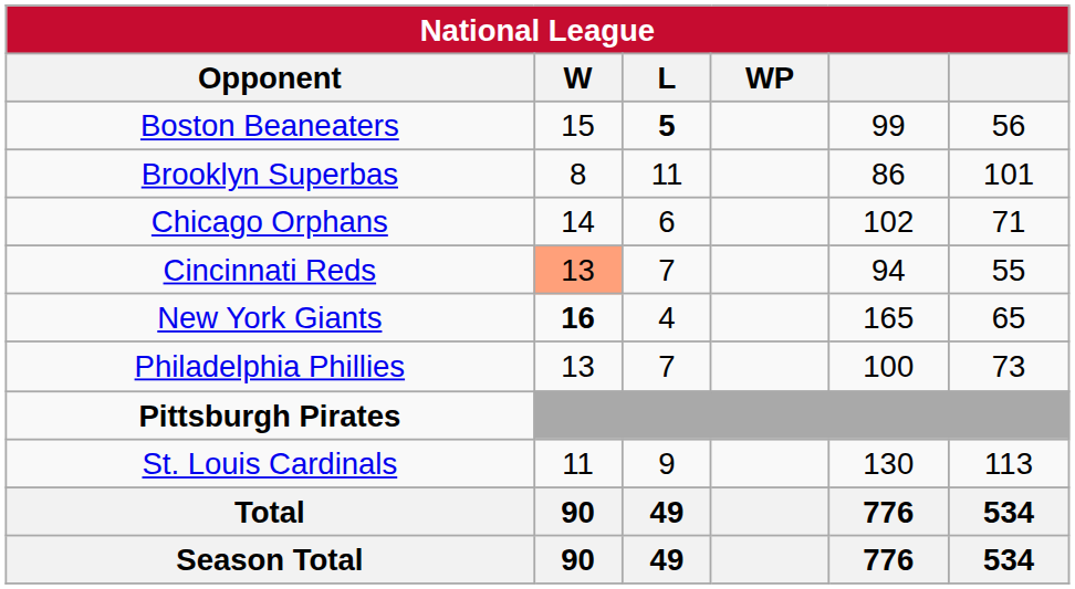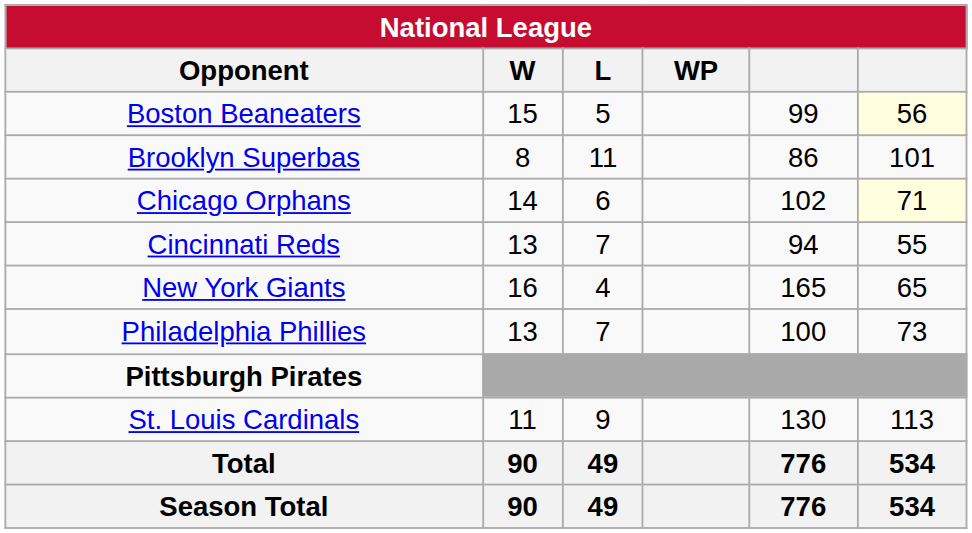 <table class="wikitable" style="font-size:95%; text-align:center; width:35em;margin:0.5em auto;">
 <tr>
 <th colspan="7" style="background:#c60c30; color:#ffffff;">National League</th>
 </tr>
 <tr>
 <th>Opponent</th>
 <th>W</th>
 <th>L</th>
 <th>WP</th>
 <th></th>
 <th></th>
 </tr>
 <tr>
 <td><a href='#'>Boston Beaneaters</a></td>
 <td>15</td>
-<td><strong>5</strong></td>
+<td>5</td>
 <td></td>
 <td>99</td>
-<td>56</td>
+<td style="background: lightyellow;">56</td>
 </tr>
 <tr>
 <td><a href='#'>Brooklyn Superbas</a></td>
 <td>8</td>
 <td>11</td>
 <td></td>
 <td>86</td>
 <td>101</td>
 </tr>
 <tr>
 <td><a href='#'>Chicago Orphans</a></td>
 <td>14</td>
 <td>6</td>
 <td></td>
 <td>102</td>
-<td>71</td>
+<td style="background: lightyellow;">71</td>
 </tr>
 <tr>
 <td><a href='#'>Cincinnati Reds</a></td>
-<td style="background: lightsalmon;">13</td>
+<td>13</td>
 <td>7</td>
 <td></td>
 <td>94</td>
 <td>55</td>
 </tr>
 <tr>
 <td><a href='#'>New York Giants</a></td>
-<td><strong>16</strong></td>
+<td>16</td>
 <td>4</td>
 <td></td>
 <td>165</td>
 <td>65</td>
 </tr>
 <tr>
 <td><a href='#'>Philadelphia Phillies</a></td>
 <td>13</td>
 <td>7</td>
 <td></td>
 <td>100</td>
 <td>73</td>
 </tr>
 <tr>
 <td><strong>Pittsburgh Pirates</strong></td>
 <td colspan=5 style="background:darkgray;"></td>
 </tr>
 <tr>
 <td><a href='#'>St. Louis Cardinals</a></td>
 <td>11</td>
 <td>9</td>
 <td></td>
 <td>130</td>
 <td>113</td>
 </tr>
 <tr>
 <th>Total</th>
 <th>90</th>
 <th>49</th>
 <th></th>
 <th>776</th>
 <th>534</th>
 </tr>
 <tr>
 <th>Season Total</th>
 <th>90</th>
 <th>49</th>
 <th></th>
 <th>776</th>
 <th>534</th>
 </tr>
 </table>
